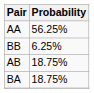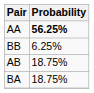 <table class="wikitable">
 <tr>
 <th>Pair</th>
 <th>Probability</th>
 </tr>
 <tr>
 <td>AA</td>
-<td>56.25%</td>
+<td><strong>56.25%</strong></td>
 </tr>
 <tr>
 <td>BB</td>
 <td>6.25%</td>
 </tr>
 <tr>
 <td>AB</td>
 <td>18.75%</td>
 </tr>
 <tr>
 <td>BA</td>
 <td>18.75%</td>
 </tr>
 <tr>
 </tr>
 </table>
